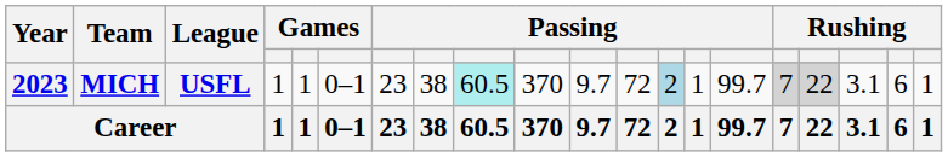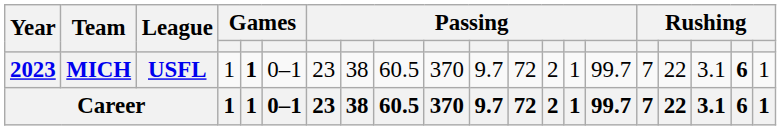 <table class="wikitable" style="text-align:center;">
 <tr>
 <th rowspan="2">Year</th>
 <th rowspan="2">Team</th>
 <th rowspan="2">League</th>
 <th colspan="3">Games</th>
 <th colspan="9">Passing</th>
 <th colspan="5">Rushing</th>
 </tr>
 <tr>
 <th></th>
 <th></th>
 <th></th>
 <th></th>
 <th></th>
 <th></th>
 <th></th>
 <th></th>
 <th></th>
 <th></th>
 <th></th>
 <th></th>
 <th></th>
 <th></th>
 <th></th>
 <th></th>
 <th></th>
 </tr>
 <tr>
 <th><a href='#'>2023</a></th>
 <th><a href='#'>MICH</a></th>
 <th><a href='#'>USFL</a></th>
 <td>1</td>
-<td>1</td>
+<td><strong>1</strong></td>
 <td>0–1</td>
 <td>23</td>
 <td>38</td>
-<td style="background: paleturquoise;">60.5</td>
+<td>60.5</td>
 <td>370</td>
 <td>9.7</td>
 <td>72</td>
-<td style="background: lightblue;">2</td>
+<td>2</td>
 <td>1</td>
 <td>99.7</td>
-<td style="background: lightgrey;">7</td>
-<td style="background: lightgrey;">22</td>
+<td>7</td>
+<td>22</td>
 <td>3.1</td>
-<td>6</td>
+<td><strong>6</strong></td>
 <td>1</td>
 </tr>
 <tr>
 <th colspan="3">Career</th>
 <th>1</th>
 <th>1</th>
 <th>0–1</th>
 <th>23</th>
 <th>38</th>
 <th>60.5</th>
 <th>370</th>
 <th>9.7</th>
 <th>72</th>
 <th>2</th>
 <th>1</th>
 <th>99.7</th>
 <th>7</th>
 <th>22</th>
 <th>3.1</th>
 <th>6</th>
 <th>1</th>
 </tr>
 </table>
